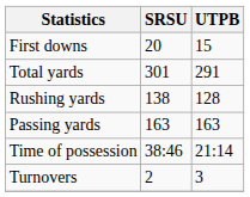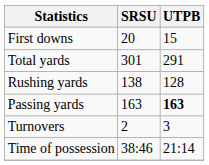 <table class="wikitable" style="float: left;">
 <tr>
 <th>Statistics</th>
 <th>SRSU</th>
 <th>UTPB</th>
 </tr>
 <tr>
 <td>First downs</td>
 <td>20</td>
 <td>15</td>
 </tr>
 <tr>
 <td>Total yards</td>
 <td>301</td>
 <td>291</td>
 </tr>
 <tr>
 <td>Rushing yards</td>
 <td>138</td>
 <td>128</td>
 </tr>
 <tr>
 <td>Passing yards</td>
 <td>163</td>
-<td>163</td>
+<td><strong>163</strong></td>
+</tr>
+<tr>
+<td>Turnovers</td>
+<td>2</td>
+<td>3</td>
 </tr>
 <tr>
 <td>Time of possession</td>
 <td>38:46</td>
 <td>21:14</td>
 </tr>
 <tr>
-<td>Turnovers</td>
-<td>2</td>
-<td>3</td>
-</tr>
-<tr>
 </tr>
 </table>
